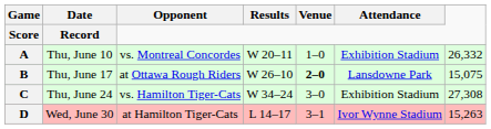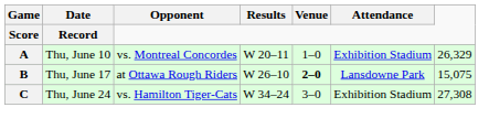 <table class="wikitable" style="text-align:center">
 <tr>
 <th>Game</th>
 <th>Date</th>
 <th>Opponent</th>
 <th>Results</th>
 <th>Venue</th>
 <th>Attendance</th>
 </tr>
 <tr>
 <th>Score</th>
 <th>Record</th>
 </tr>
 <tr style="background:#ddffdd">
 <th>A</th>
 <td>Thu, June 10</td>
 <td>vs. <a href='#'>Montreal Concordes</a></td>
 <td>W 20–11</td>
 <td>1–0</td>
 <td><a href='#'>Exhibition Stadium</a></td>
-<td>26,332</td>
+<td>26,329</td>
 </tr>
 <tr style="background:#ddffdd">
 <th>B</th>
 <td>Thu, June 17</td>
 <td>at <a href='#'>Ottawa Rough Riders</a></td>
 <td>W 26–10</td>
 <td><strong>2–0</strong></td>
 <td><a href='#'>Lansdowne Park</a></td>
 <td>15,075</td>
 </tr>
 <tr style="background:#ddffdd">
 <th>C</th>
 <td>Thu, June 24</td>
 <td>vs. <a href='#'>Hamilton Tiger-Cats</a></td>
 <td>W 34–24</td>
 <td>3–0</td>
 <td>Exhibition Stadium</td>
 <td>27,308</td>
 </tr>
-<tr style="background:#ffbbbb">
-<th>D</th>
-<td>Wed, June 30</td>
-<td>at Hamilton Tiger-Cats</td>
-<td>L 14–17</td>
-<td>3–1</td>
-<td><a href='#'>Ivor Wynne Stadium</a></td>
-<td>15,263</td>
-</tr>
 </table>
